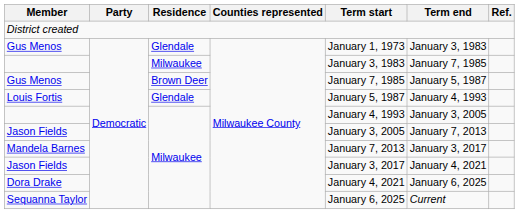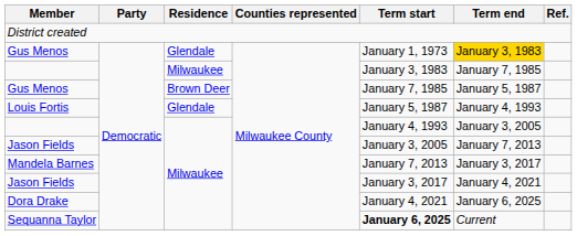 <table class="wikitable">
 <tr>
 <th>Member</th>
 <th>Party</th>
 <th>Residence</th>
 <th>Counties represented</th>
 <th>Term start</th>
 <th>Term end</th>
 <th>Ref.</th>
 </tr>
 <tr>
 <td colspan="7"><em>District created</em></td>
 </tr>
 <tr>
 <td><a href='#'>Gus Menos</a></td>
 <td rowspan="10" ><a href='#'>Democratic</a></td>
 <td><a href='#'>Glendale</a></td>
 <td rowspan="10"><a href='#'>Milwaukee County</a></td>
 <td>January 1, 1973</td>
-<td>January 3, 1983</td>
+<td style="background: gold;">January 3, 1983</td>
 <td></td>
 </tr>
 <tr>
 <td></td>
 <td><a href='#'>Milwaukee</a></td>
 <td>January 3, 1983</td>
 <td>January 7, 1985</td>
 <td></td>
 </tr>
 <tr>
 <td><a href='#'>Gus Menos</a></td>
 <td><a href='#'>Brown Deer</a></td>
 <td>January 7, 1985</td>
 <td>January 5, 1987</td>
 <td></td>
 </tr>
 <tr>
 <td><a href='#'>Louis Fortis</a></td>
 <td><a href='#'>Glendale</a></td>
 <td>January 5, 1987</td>
 <td>January 4, 1993</td>
 <td></td>
 </tr>
 <tr>
 <td></td>
 <td rowspan="6"><a href='#'>Milwaukee</a></td>
 <td>January 4, 1993</td>
 <td>January 3, 2005</td>
 <td></td>
 </tr>
 <tr>
 <td><a href='#'>Jason Fields</a></td>
 <td>January 3, 2005</td>
 <td>January 7, 2013</td>
 <td></td>
 </tr>
 <tr>
 <td><a href='#'>Mandela Barnes</a></td>
 <td>January 7, 2013</td>
 <td>January 3, 2017</td>
 <td></td>
 </tr>
 <tr>
 <td><a href='#'>Jason Fields</a></td>
 <td>January 3, 2017</td>
 <td>January 4, 2021</td>
 <td></td>
 </tr>
 <tr>
 <td><a href='#'>Dora Drake</a></td>
 <td>January 4, 2021</td>
 <td>January 6, 2025</td>
 <td></td>
 </tr>
 <tr>
 <td><a href='#'>Sequanna Taylor</a></td>
-<td>January 6, 2025</td>
+<td><strong>January 6, 2025</strong></td>
 <td><em>Current</em></td>
 <td></td>
 </tr>
 </table>
